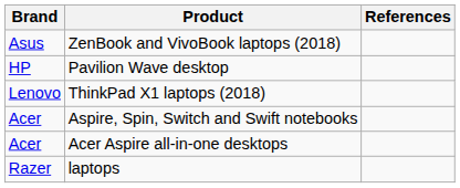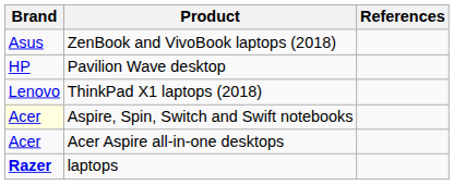 <table class="wikitable collapsible collapsed sortable">
 <tr>
 <th>Brand</th>
 <th>Product</th>
 <th>References</th>
 </tr>
 <tr>
 <td><a href='#'>Asus</a></td>
 <td>ZenBook and VivoBook laptops (2018)</td>
 <td></td>
 </tr>
 <tr>
 <td><a href='#'>HP</a></td>
 <td>Pavilion Wave desktop</td>
 <td></td>
 </tr>
 <tr>
 <td><a href='#'>Lenovo</a></td>
 <td>ThinkPad X1 laptops (2018)</td>
 <td></td>
 </tr>
 <tr>
-<td><a href='#'>Acer</a></td>
+<td style="background: lightyellow;"><a href='#'>Acer</a></td>
 <td>Aspire, Spin, Switch and Swift notebooks</td>
 <td></td>
 </tr>
 <tr>
 <td><a href='#'>Acer</a></td>
 <td>Acer Aspire all-in-one desktops</td>
 <td></td>
 </tr>
 <tr>
-<td><a href='#'>Razer</a></td>
+<td><strong><a href='#'>Razer</a></strong></td>
 <td>laptops</td>
 </tr>
 </table>
